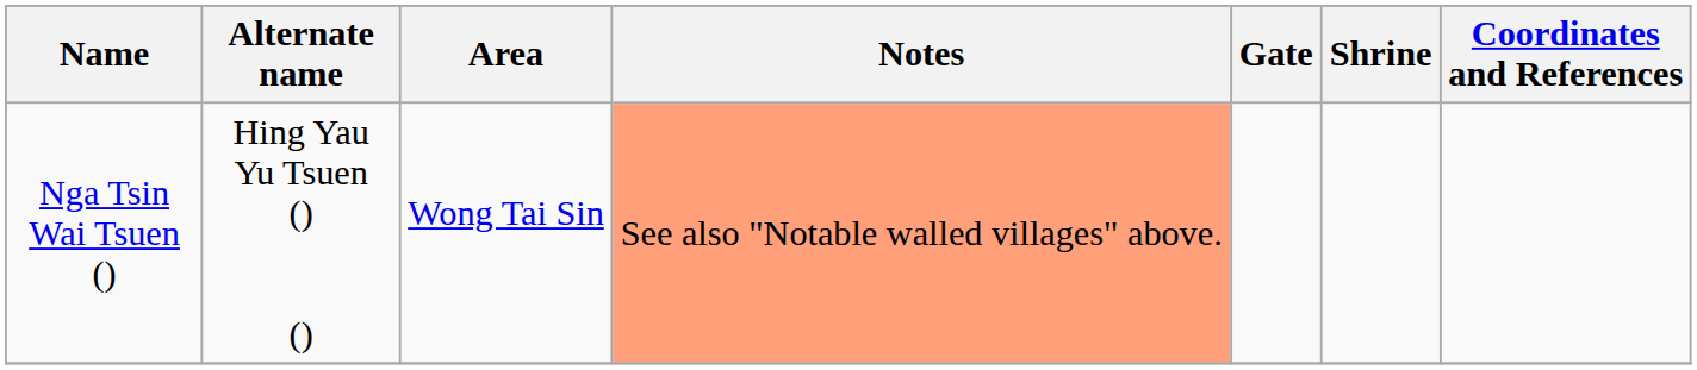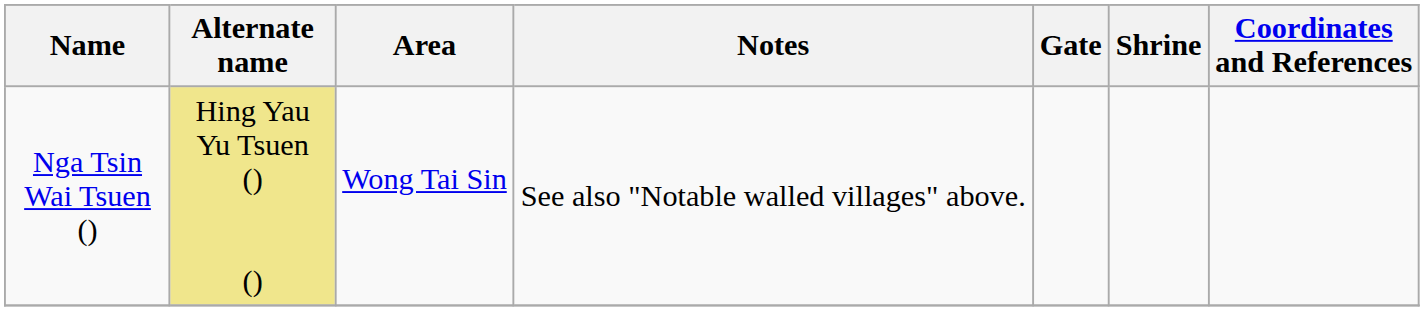 <table class="wikitable sortable" style="text-align:center" style="width:95%">
 <tr>
 <th style="width:80px;">Name</th>
 <th style="width:80px;">Alternate name</th>
 <th>Area</th>
 <th>Notes</th>
 <th>Gate</th>
 <th>Shrine</th>
 <th><a href='#'>Coordinates</a><br>and References</th>
 </tr>
 <tr>
 <td style="text-align:center"><a href='#'>Nga Tsin Wai Tsuen</a><br>()</td>
-<td style="text-align:center">Hing Yau Yu Tsuen<br>()<br><br><br>()</td>
+<td style="background: khaki; text-align:center">Hing Yau Yu Tsuen<br>()<br><br><br>()</td>
 <td style="text-align:center"><a href='#'>Wong Tai Sin</a><br><br></td>
-<td style="background: lightsalmon;">See also "Notable walled villages" above.</td>
+<td>See also "Notable walled villages" above.</td>
 <td></td>
 <td></td>
 <td></td>
 </tr>
 <tr>
 </tr>
 </table>
